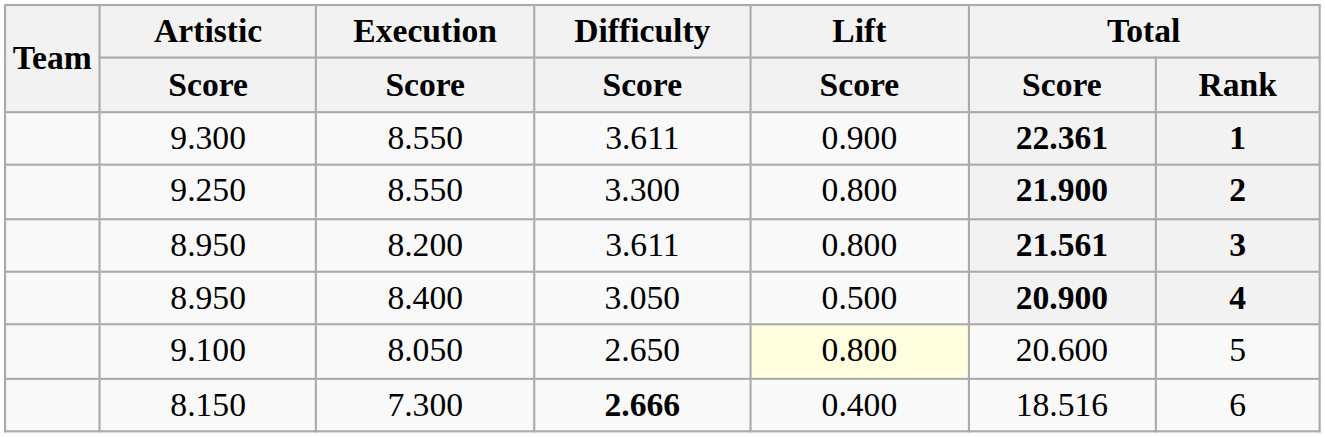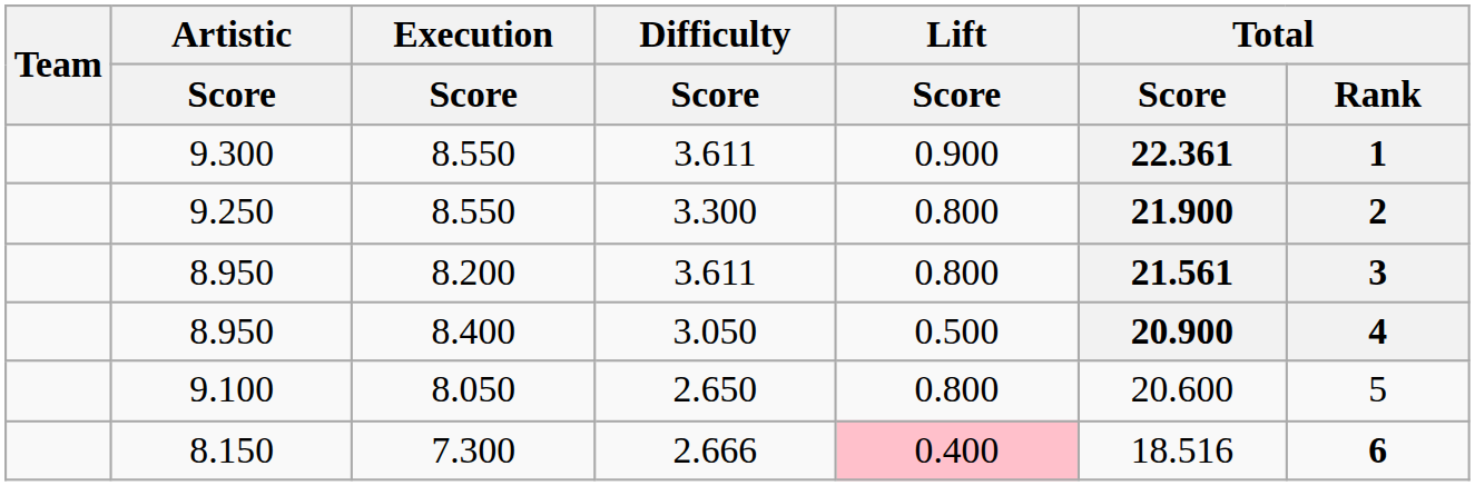 <table class="wikitable" style="text-align:center">
 <tr>
 <th rowspan=2>Team</th>
 <th style="width:6em">Artistic</th>
 <th style="width:6em">Execution</th>
 <th style="width:6em">Difficulty</th>
 <th style="width:6em">Lift</th>
 <th style="width:10em" colspan=2>Total</th>
 </tr>
 <tr>
 <th>Score</th>
 <th>Score</th>
 <th>Score</th>
 <th>Score</th>
 <th>Score</th>
 <th>Rank</th>
 </tr>
 <tr>
 <td align="left"></td>
 <td>9.300</td>
 <td>8.550</td>
 <td>3.611</td>
 <td>0.900</td>
 <th>22.361</th>
 <th>1</th>
 </tr>
 <tr>
 <td align="left"></td>
 <td>9.250</td>
 <td>8.550</td>
 <td>3.300</td>
 <td>0.800</td>
 <th>21.900</th>
 <th>2</th>
 </tr>
 <tr>
 <td align="left"></td>
 <td>8.950</td>
 <td>8.200</td>
 <td>3.611</td>
 <td>0.800</td>
 <th>21.561</th>
 <th>3</th>
 </tr>
 <tr>
 <td align="left"></td>
 <td>8.950</td>
 <td>8.400</td>
 <td>3.050</td>
 <td>0.500</td>
 <th>20.900</th>
 <th>4</th>
 </tr>
 <tr>
 <td align="left"></td>
 <td>9.100</td>
 <td>8.050</td>
 <td>2.650</td>
-<td style="background: lightyellow;">0.800</td>
+<td>0.800</td>
 <td>20.600</td>
 <td>5</td>
 </tr>
 <tr>
 <td align="left"></td>
 <td>8.150</td>
 <td>7.300</td>
-<td><strong>2.666</strong></td>
-<td>0.400</td>
+<td>2.666</td>
+<td style="background: pink;">0.400</td>
 <td>18.516</td>
-<td>6</td>
+<td><strong>6</strong></td>
 </tr>
 </table>
